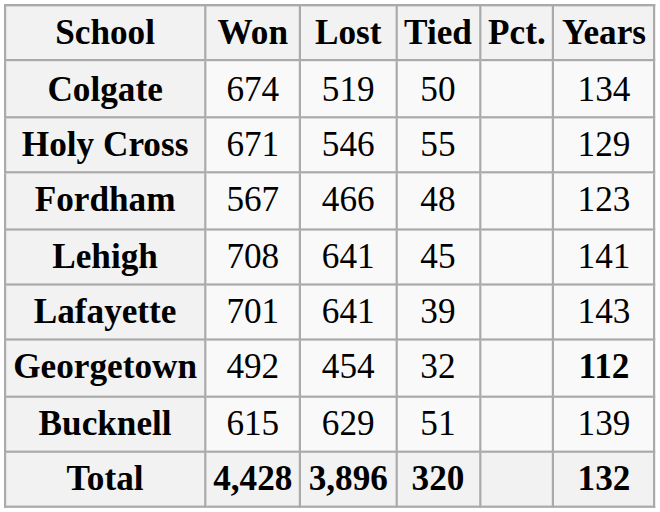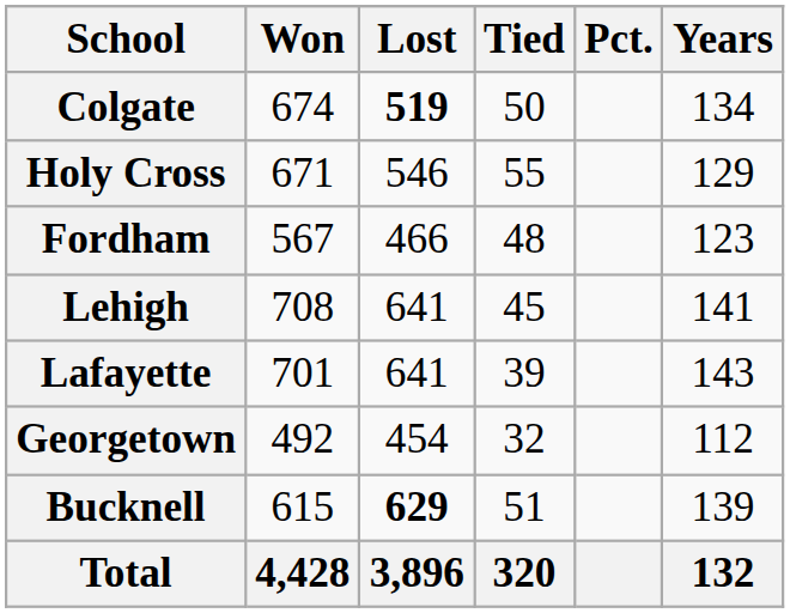 <table class="wikitable sortable plainrowheaders" style="text-align: center;">
 <tr>
 </tr>
 <tr>
 <th scope="col">School</th>
 <th scope="col">Won</th>
 <th scope="col">Lost</th>
 <th scope="col">Tied</th>
 <th scope="col">Pct.</th>
 <th scope="col">Years</th>
 </tr>
 <tr>
 <th scope="row">Colgate</th>
 <td>674</td>
-<td>519</td>
+<td><strong>519</strong></td>
 <td>50</td>
 <td></td>
 <td>134</td>
 </tr>
 <tr>
 <th scope="row">Holy Cross</th>
 <td>671</td>
 <td>546</td>
 <td>55</td>
 <td></td>
 <td>129</td>
 </tr>
 <tr>
 <th scope="row">Fordham</th>
 <td>567</td>
 <td>466</td>
 <td>48</td>
 <td></td>
 <td>123</td>
 </tr>
 <tr>
 <th scope="row">Lehigh</th>
 <td>708</td>
 <td>641</td>
 <td>45</td>
 <td></td>
 <td>141</td>
 </tr>
 <tr>
 <th scope="row">Lafayette</th>
 <td>701</td>
 <td>641</td>
 <td>39</td>
 <td></td>
 <td>143</td>
 </tr>
 <tr>
 <th scope="row">Georgetown</th>
 <td>492</td>
 <td>454</td>
 <td>32</td>
 <td></td>
-<td><strong>112</strong></td>
+<td>112</td>
 </tr>
 <tr>
 <th scope="row">Bucknell</th>
 <td>615</td>
-<td>629</td>
+<td><strong>629</strong></td>
 <td>51</td>
 <td></td>
 <td>139</td>
 </tr>
 <tr>
 <th scope="row" style="font-weight: bold;">Total</th>
 <th scope="col">4,428</th>
 <th scope="col">3,896</th>
 <th scope="col">320</th>
 <th scope="col"></th>
 <th scope="col">132</th>
 </tr>
 </table>
